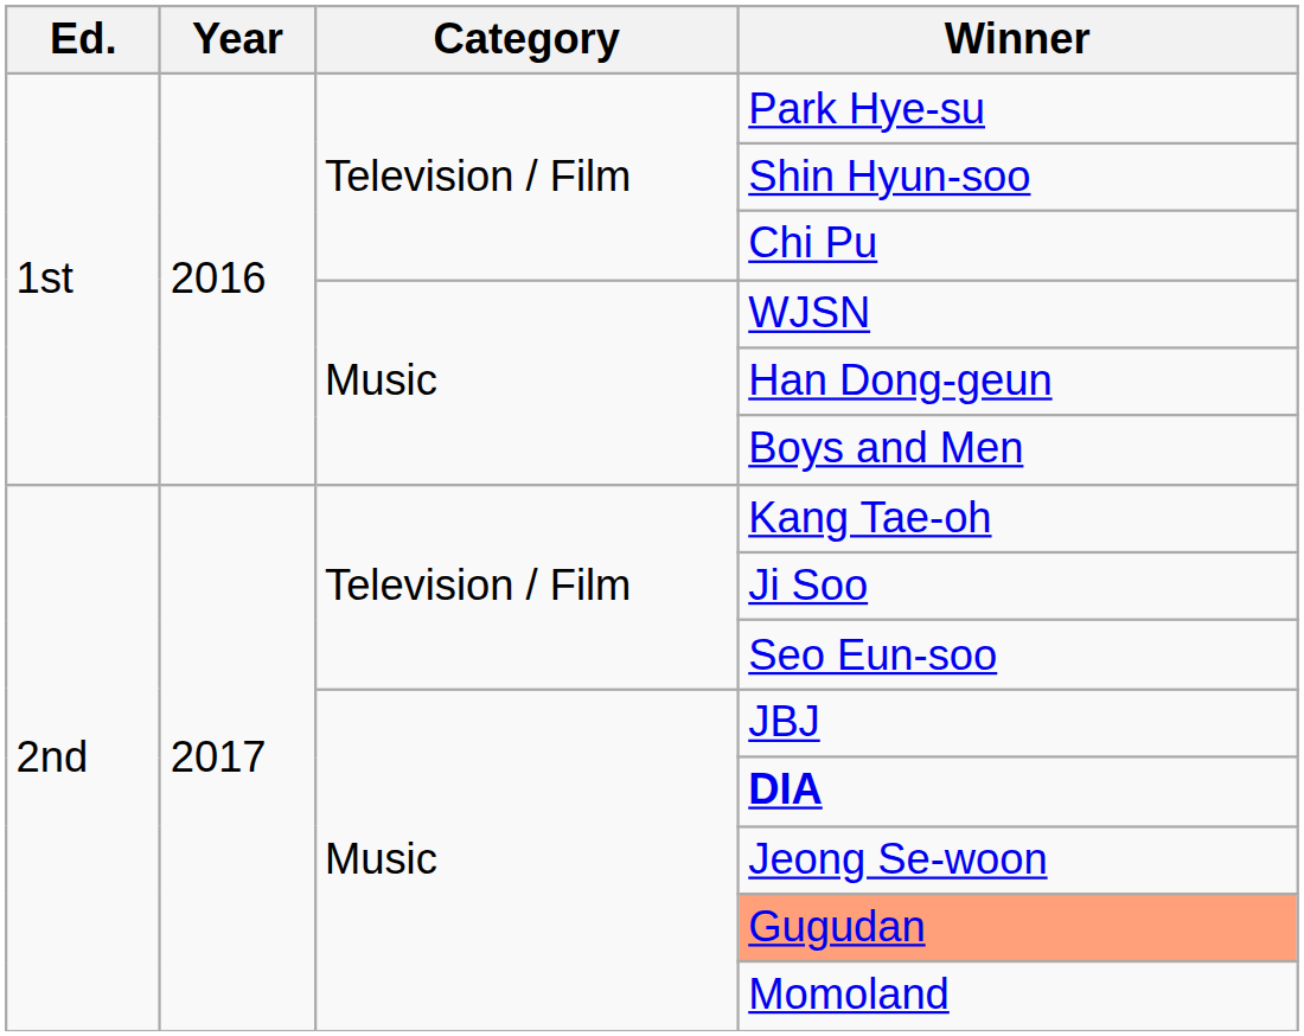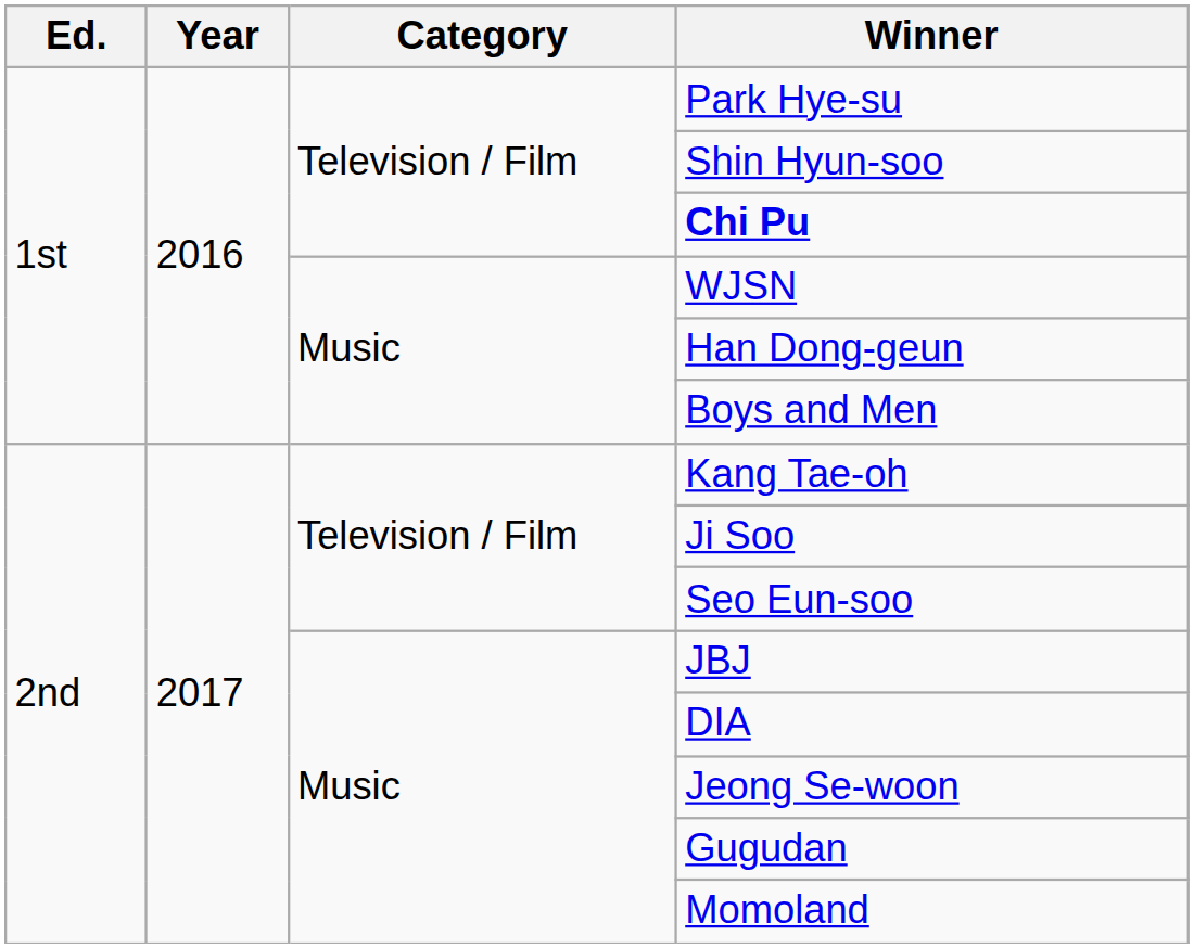 <table class="wikitable">
 <tr align=center>
 <th style="width:50px">Ed.</th>
 <th style="width:50px">Year</th>
 <th style="width:150px">Category</th>
 <th style="width:200px">Winner</th>
 </tr>
 <tr>
 <td rowspan="6">1st</td>
 <td rowspan="6">2016</td>
 <td rowspan="3">Television / Film</td>
 <td><a href='#'>Park Hye-su</a></td>
 </tr>
 <tr>
 <td><a href='#'>Shin Hyun-soo</a></td>
 </tr>
 <tr>
-<td><a href='#'>Chi Pu</a></td>
+<td><strong><a href='#'>Chi Pu</a></strong></td>
 </tr>
 <tr>
 <td rowspan="3">Music</td>
 <td><a href='#'>WJSN</a></td>
 </tr>
 <tr>
 <td><a href='#'>Han Dong-geun</a></td>
 </tr>
 <tr>
 <td><a href='#'>Boys and Men</a></td>
 </tr>
 <tr>
 <td rowspan="8">2nd</td>
 <td rowspan="8">2017</td>
 <td rowspan="3">Television / Film</td>
 <td><a href='#'>Kang Tae-oh</a></td>
 </tr>
 <tr>
 <td><a href='#'>Ji Soo</a></td>
 </tr>
 <tr>
 <td><a href='#'>Seo Eun-soo</a></td>
 </tr>
 <tr>
 <td rowspan="5">Music</td>
 <td><a href='#'>JBJ</a></td>
 </tr>
 <tr>
-<td><strong><a href='#'>DIA</a></strong></td>
+<td><a href='#'>DIA</a></td>
 </tr>
 <tr>
 <td><a href='#'>Jeong Se-woon</a></td>
 </tr>
 <tr>
-<td style="background: lightsalmon;"><a href='#'>Gugudan</a></td>
+<td><a href='#'>Gugudan</a></td>
 </tr>
 <tr>
 <td><a href='#'>Momoland</a></td>
 </tr>
 </table>
